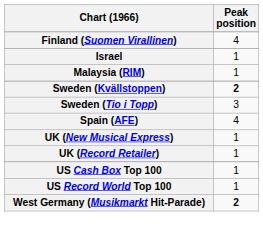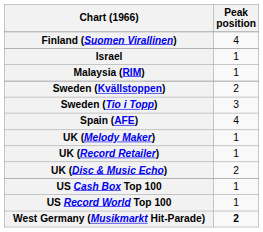 <table class="wikitable sortable plainrowheaders">
 <tr>
 <th style="width:20em;">Chart (1966)</th>
 <th>Peak<br>position</th>
 </tr>
 <tr>
 </tr>
 <tr>
 </tr>
 <tr>
 </tr>
 <tr>
 </tr>
 <tr>
 <th scope="row">Finland (<a href='#'><em>Suomen Virallinen</em></a>)</th>
 <td style="text-align:center;">4</td>
 </tr>
 <tr>
 </tr>
 <tr>
 <th scope="row">Israel </th>
 <td style="text-align:center;">1</td>
 </tr>
 <tr>
 <th scope="row">Malaysia (<a href='#'>RIM</a>)</th>
 <td style="text-align:center;">1</td>
 </tr>
 <tr>
 </tr>
 <tr>
 </tr>
 <tr>
 </tr>
 <tr>
 <th scope="row">Sweden (<a href='#'>Kvällstoppen</a>)</th>
-<td align="center"><strong>2</strong></td>
+<td align="center">2</td>
 </tr>
 <tr>
 <th scope="row">Sweden (<em><a href='#'>Tio i Topp</a></em>)</th>
 <td style="text-align:center;">3</td>
 </tr>
 <tr>
 <th scope="row">Spain (<a href='#'>AFE</a>)</th>
 <td align="center">4</td>
 </tr>
 <tr>
-<th scope="row">UK (<em><a href='#'>New Musical Express</a></em>)</th>
+<th scope="row">UK (<em><a href='#'>Melody Maker</a></em>)</th>
 <td align="center">1</td>
 </tr>
 <tr>
 <th scope="row">UK (<em><a href='#'>Record Retailer</a></em>)</th>
 <td align="center">1</td>
+</tr>
+<tr>
+<th scope="row">UK (<em><a href='#'>Disc & Music Echo</a></em>)</th>
+<td align="center">2</td>
 </tr>
 <tr>
 </tr>
 <tr>
 <th scope="row">US <em><a href='#'>Cash Box</a></em> Top 100</th>
 <td align="center">1</td>
 </tr>
 <tr>
 <th scope="row">US <em><a href='#'>Record World</a></em> Top 100</th>
 <td align="center">1</td>
 </tr>
 <tr>
 <th scope="row">West Germany (<em><a href='#'>Musikmarkt</a></em> Hit-Parade)</th>
 <td align="center"><strong>2</strong></td>
 </tr>
 </table>
